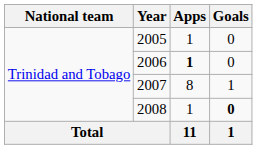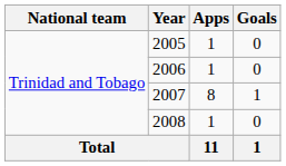 <table class="wikitable" style="text-align:center">
 <tr>
 <th>National team</th>
 <th>Year</th>
 <th>Apps</th>
 <th>Goals</th>
 </tr>
 <tr>
 <td rowspan="4"><a href='#'>Trinidad and Tobago</a></td>
 <td>2005</td>
 <td>1</td>
 <td>0</td>
 </tr>
 <tr>
 <td>2006</td>
-<td><strong>1</strong></td>
+<td>1</td>
 <td>0</td>
 </tr>
 <tr>
 <td>2007</td>
 <td>8</td>
 <td>1</td>
 </tr>
 <tr>
 <td>2008</td>
 <td>1</td>
-<td><strong>0</strong></td>
+<td>0</td>
 </tr>
 <tr>
 <th colspan=2>Total</th>
 <th>11</th>
 <th>1</th>
 </tr>
 </table>
